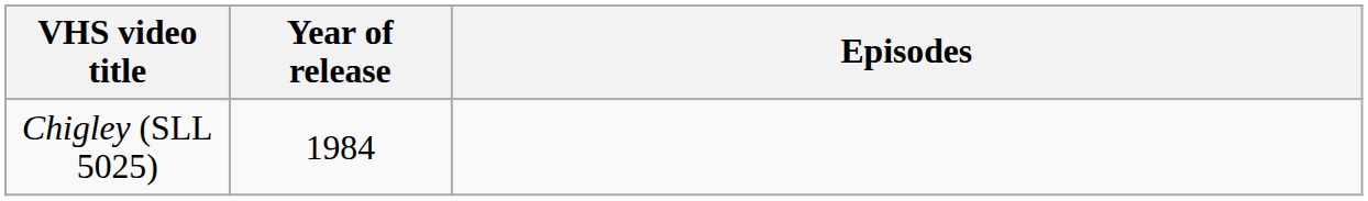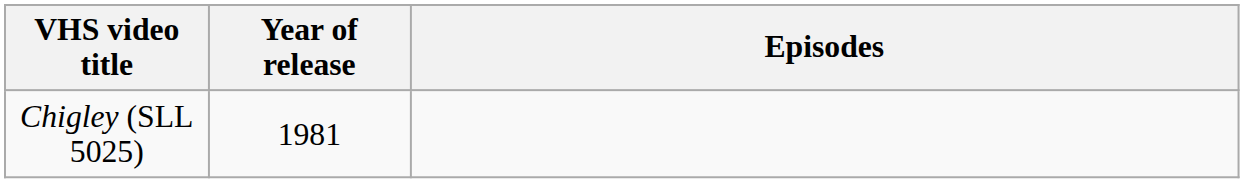 <table class="wikitable" style="text-align:center; width:100%;">
 <tr>
 <th style="width:9%;">VHS video title</th>
 <th style="width:9%;">Year of<br>release</th>
 <th style="width:37%;">Episodes</th>
 </tr>
 <tr>
 <td><em>Chigley</em> (SLL 5025)</td>
-<td align="center">1984</td>
+<td align="center">1981</td>
 <td align="center"></td>
 </tr>
 </table>
